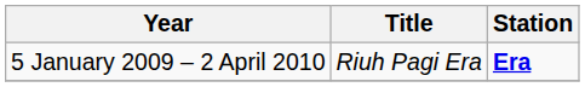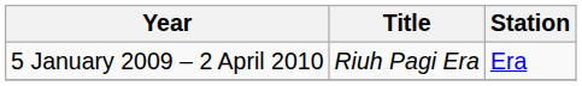 <table class="wikitable">
 <tr>
 <th>Year</th>
 <th>Title</th>
 <th>Station</th>
 </tr>
 <tr>
 <td>5 January 2009 – 2 April 2010</td>
 <td><em>Riuh Pagi Era</em></td>
-<td><strong><a href='#'>Era</a></strong></td>
+<td><a href='#'>Era</a></td>
 </tr>
 <tr>
 </tr>
 </table>
